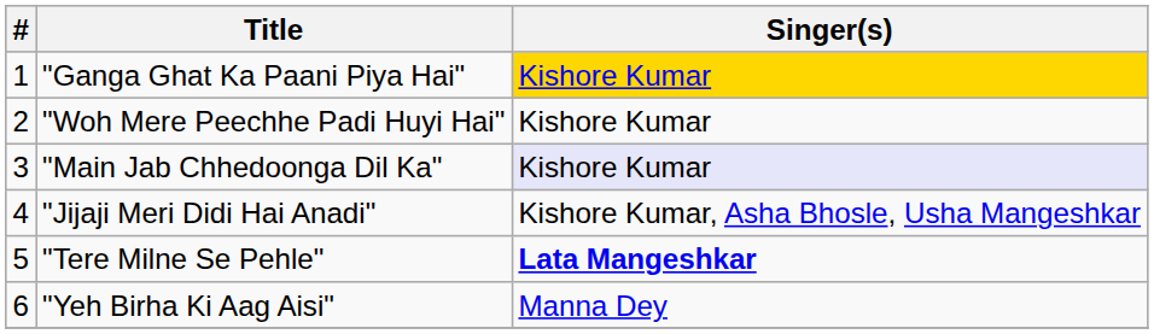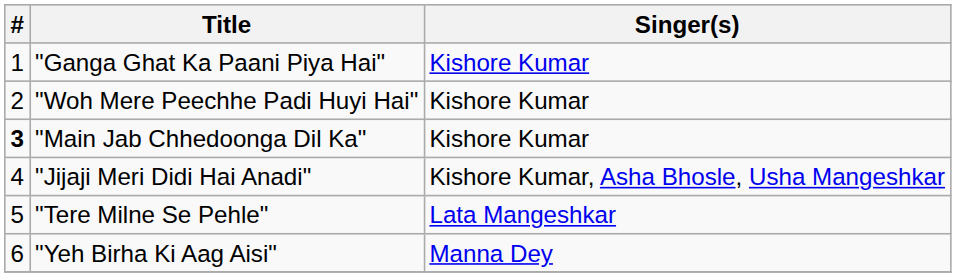 <table class="wikitable" style="font-size:95%;">
 <tr>
 <th>#</th>
 <th>Title</th>
 <th>Singer(s)</th>
 </tr>
 <tr>
 <td>1</td>
 <td>"Ganga Ghat Ka Paani Piya Hai"</td>
-<td style="background: gold;"><a href='#'>Kishore Kumar</a></td>
+<td><a href='#'>Kishore Kumar</a></td>
 </tr>
 <tr>
 <td>2</td>
 <td>"Woh Mere Peechhe Padi Huyi Hai"</td>
 <td>Kishore Kumar</td>
 </tr>
 <tr>
-<td>3</td>
+<td><strong>3</strong></td>
 <td>"Main Jab Chhedoonga Dil Ka"</td>
-<td style="background: lavender;">Kishore Kumar</td>
+<td>Kishore Kumar</td>
 </tr>
 <tr>
 <td>4</td>
 <td>"Jijaji Meri Didi Hai Anadi"</td>
 <td>Kishore Kumar, <a href='#'>Asha Bhosle</a>, <a href='#'>Usha Mangeshkar</a></td>
 </tr>
 <tr>
 <td>5</td>
 <td>"Tere Milne Se Pehle"</td>
-<td><strong><a href='#'>Lata Mangeshkar</a></strong></td>
+<td><a href='#'>Lata Mangeshkar</a></td>
 </tr>
 <tr>
 <td>6</td>
 <td>"Yeh Birha Ki Aag Aisi"</td>
 <td><a href='#'>Manna Dey</a></td>
 </tr>
 <tr>
 </tr>
 </table>
